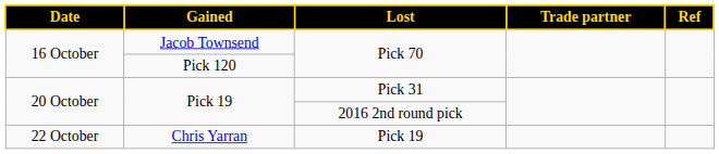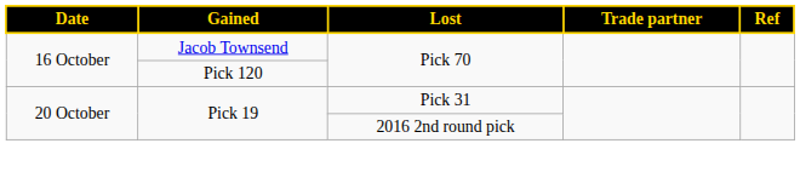 <table class="wikitable" style="text-align:center; font-size:100%; width:60%;">
 <tr>
 <th style="background:black; border: solid gold 2px; color:gold;">Date</th>
 <th style="background:black; border: solid gold 2px; color:gold;">Gained</th>
 <th style="background:black; border: solid gold 2px; color:gold;">Lost</th>
 <th style="background:black; border: solid gold 2px; color:gold;">Trade partner</th>
 <th style="background:black; border: solid gold 2px; color:gold;">Ref</th>
 </tr>
 <tr>
 <td rowspan=2>16 October</td>
 <td><a href='#'>Jacob Townsend</a></td>
 <td rowspan=2>Pick 70</td>
 <td rowspan=2></td>
 <td rowspan=2></td>
 </tr>
 <tr>
 <td>Pick 120</td>
 </tr>
 <tr>
 <td rowspan=2>20 October</td>
 <td rowspan=2>Pick 19</td>
 <td>Pick 31</td>
 <td rowspan=2></td>
 <td rowspan=2></td>
 </tr>
 <tr>
 <td>2016 2nd round pick</td>
 </tr>
-<tr>
-<td>22 October</td>
-<td><a href='#'>Chris Yarran</a></td>
-<td>Pick 19</td>
-<td></td>
-<td></td>
-</tr>
 </table>
